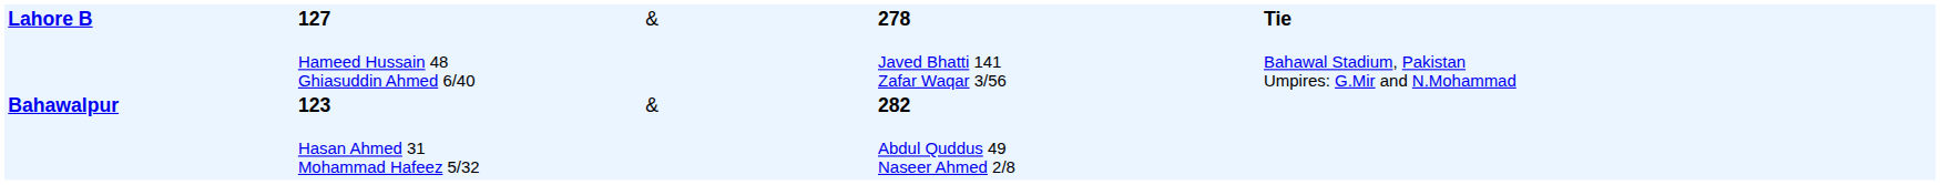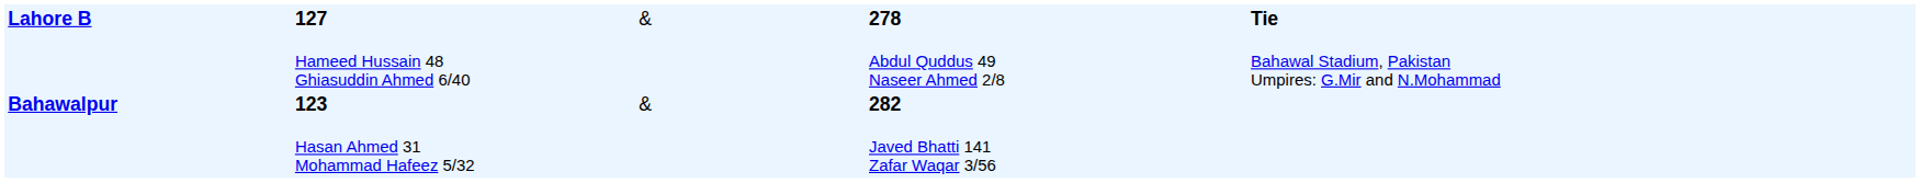 <table width="100%" style="background: #EBF5FF">
 <tr>
 <td width="15%" valign="top" rowspan="2"><strong><a href='#'>Lahore B</a></strong></td>
 <td width="18%"><strong>127</strong></td>
 <td width="12%">&</td>
 <td width="20%"><strong>278</strong></td>
 <td width="35%"><strong>Tie</strong></td>
 </tr>
 <tr>
 <td style="font-size: 85%;" valign="top"><br><a href='#'>Hameed Hussain</a> 48<br> <a href='#'>Ghiasuddin Ahmed</a> 6/40</td>
 <td></td>
-<td valign="top" style="font-size: 85%;"><br><a href='#'>Javed Bhatti</a> 141<br> <a href='#'>Zafar Waqar</a> 3/56</td>
+<td style="font-size: 85%;"><br><a href='#'>Abdul Quddus</a> 49<br> <a href='#'>Naseer Ahmed</a> 2/8</td>
 <td valign="top" style="font-size: 85%;" rowspan="3"><br><a href='#'>Bahawal Stadium</a>, <a href='#'>Pakistan</a><br> Umpires: <a href='#'>G.Mir</a> and <a href='#'>N.Mohammad</a></td>
 </tr>
 <tr>
 <td valign="top" rowspan="2"><strong><a href='#'>Bahawalpur</a></strong></td>
 <td><strong>123</strong></td>
 <td>&</td>
 <td><strong>282</strong></td>
 </tr>
 <tr>
 <td style="font-size: 85%;"><br><a href='#'>Hasan Ahmed</a> 31<br> <a href='#'>Mohammad Hafeez</a> 5/32</td>
 <td></td>
-<td style="font-size: 85%;"><br><a href='#'>Abdul Quddus</a> 49<br> <a href='#'>Naseer Ahmed</a> 2/8</td>
+<td valign="top" style="font-size: 85%;"><br><a href='#'>Javed Bhatti</a> 141<br> <a href='#'>Zafar Waqar</a> 3/56</td>
 </tr>
 </table>
